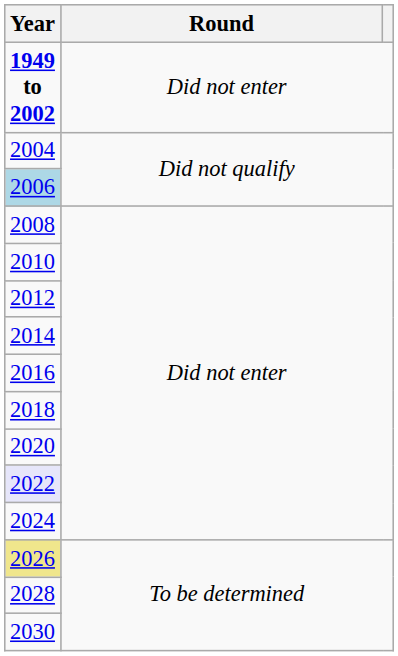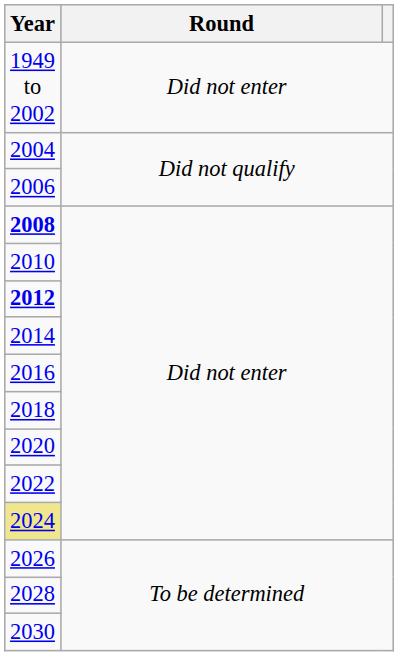 <table class="wikitable" style="text-align: center; font-size:90%">
 <tr>
 <th>Year</th>
 <th style="width:200px">Round</th>
 <th></th>
 </tr>
 <tr>
-<td><strong><a href='#'>1949</a><br>to<br><a href='#'>2002</a></strong></td>
+<td><a href='#'>1949</a><br>to<br><a href='#'>2002</a></td>
 <td colspan="2"><em>Did not enter</em></td>
 </tr>
 <tr>
 <td><a href='#'>2004</a></td>
 <td colspan="2" rowspan="2"><em>Did not qualify</em></td>
 </tr>
 <tr>
-<td style="background: lightblue;"><a href='#'>2006</a></td>
+<td><a href='#'>2006</a></td>
 </tr>
 <tr>
-<td><a href='#'>2008</a></td>
+<td><strong><a href='#'>2008</a></strong></td>
 <td colspan="2" rowspan="9"><em>Did not enter</em></td>
 </tr>
 <tr>
 <td><a href='#'>2010</a></td>
 </tr>
 <tr>
-<td><a href='#'>2012</a></td>
+<td><strong><a href='#'>2012</a></strong></td>
 </tr>
 <tr>
 <td><a href='#'>2014</a></td>
 </tr>
 <tr>
 <td><a href='#'>2016</a></td>
 </tr>
 <tr>
 <td><a href='#'>2018</a></td>
 </tr>
 <tr>
 <td><a href='#'>2020</a></td>
 </tr>
 <tr>
-<td style="background: lavender;"><a href='#'>2022</a></td>
+<td><a href='#'>2022</a></td>
 </tr>
 <tr>
-<td><a href='#'>2024</a></td>
+<td style="background: khaki;"><a href='#'>2024</a></td>
 </tr>
 <tr>
-<td style="background: khaki;"><a href='#'>2026</a></td>
+<td><a href='#'>2026</a></td>
 <td colspan="2" rowspan="3"><em>To be determined</em></td>
 </tr>
 <tr>
 <td><a href='#'>2028</a></td>
 </tr>
 <tr>
 <td><a href='#'>2030</a></td>
 </tr>
 </table>
